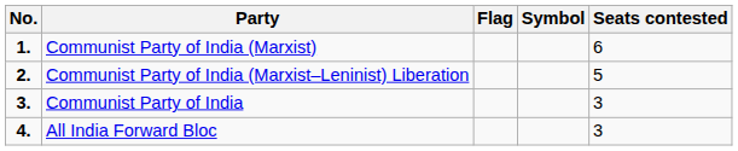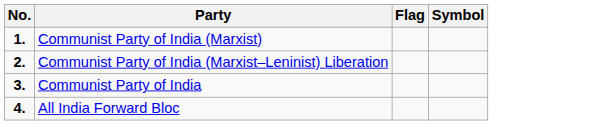 <table class="wikitable" "width="50%">
 <tr>
 <th>No.</th>
 <th>Party</th>
 <th>Flag</th>
 <th>Symbol</th>
-<th>Seats contested</th>
 </tr>
 <tr>
 <td style="text-align:center; background:"><strong>1.</strong></td>
 <td><a href='#'>Communist Party of India (Marxist)</a></td>
 <td></td>
 <td></td>
-<td>6</td>
 </tr>
 <tr>
 <td style="text-align:center; background:"><strong>2.</strong></td>
 <td><a href='#'>Communist Party of India (Marxist–Leninist) Liberation</a></td>
 <td></td>
 <td></td>
-<td>5</td>
 </tr>
 <tr>
 <td style="text-align:center; background:"><strong>3.</strong></td>
 <td><a href='#'>Communist Party of India</a></td>
 <td></td>
 <td></td>
-<td>3</td>
 </tr>
 <tr>
 <td style="text-align:center; background:"><strong>4.</strong></td>
 <td><a href='#'>All India Forward Bloc</a></td>
 <td></td>
 <td></td>
-<td>3</td>
 </tr>
 </table>
